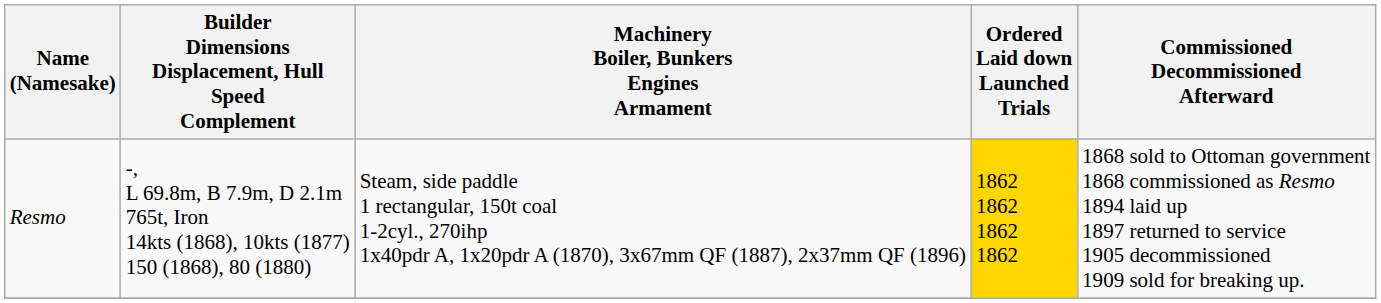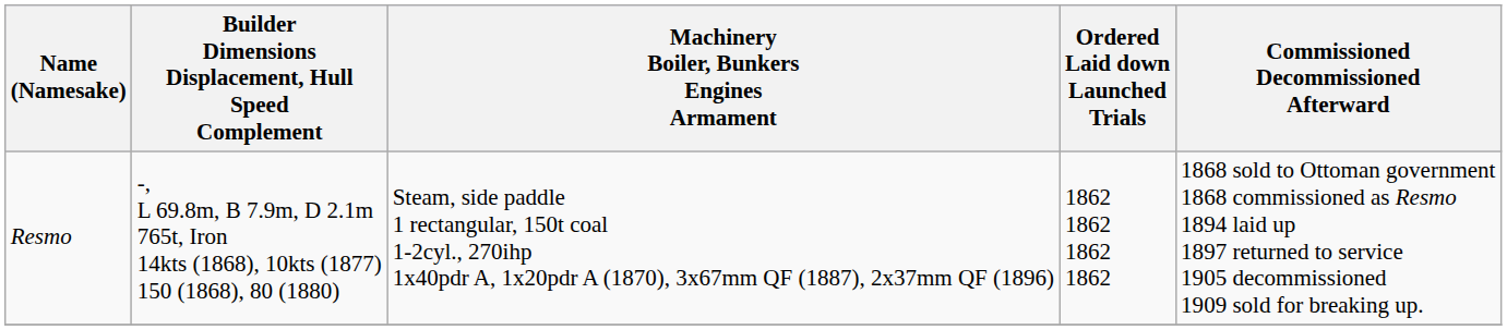 <table class="wikitable" style="font-size:90%;">
 <tr bgcolor="#e6e9ff">
 <th>Name<br>(Namesake)</th>
 <th>Builder<br>Dimensions<br>Displacement, Hull<br>Speed<br>Complement</th>
 <th>Machinery<br>Boiler, Bunkers<br>Engines<br>Armament</th>
 <th>Ordered<br>Laid down<br>Launched<br>Trials</th>
 <th>Commissioned<br>Decommissioned<br>Afterward</th>
 </tr>
 <tr ---->
 <td><em>Resmo</em></td>
 <td> -, <br>L 69.8m, B 7.9m, D 2.1m<br>765t, Iron<br>14kts (1868), 10kts (1877)<br>150 (1868), 80 (1880)</td>
 <td>Steam, side paddle<br>1 rectangular, 150t coal<br>1-2cyl., 270ihp<br>1x40pdr A, 1x20pdr A (1870), 3x67mm QF (1887), 2x37mm QF (1896)</td>
-<td style="background: gold;">1862<br>1862<br>1862<br>1862</td>
+<td>1862<br>1862<br>1862<br>1862</td>
 <td>1868 sold to Ottoman government<br>1868 commissioned as <em>Resmo</em><br>1894 laid up<br>1897 returned to service<br>1905 decommissioned<br>1909 sold for breaking up.</td>
 </tr>
 <tr ---->
 </tr>
 </table>
